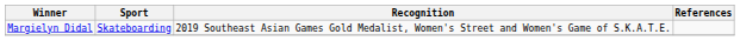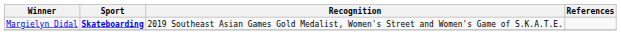 <table class="wikitable">
 <tr>
 <th>Winner</th>
 <th>Sport</th>
 <th>Recognition</th>
 <th>References</th>
 </tr>
 <tr>
 <td><a href='#'>Margielyn Didal</a></td>
-<td><a href='#'>Skateboarding</a></td>
+<td><strong><a href='#'>Skateboarding</a></strong></td>
 <td>2019 Southeast Asian Games Gold Medalist, Women's Street and Women's Game of S.K.A.T.E.</td>
 <td></td>
 </tr>
 <tr>
 </tr>
 </table>
